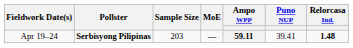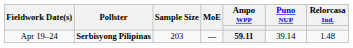 <table class="wikitable" style="text-align:center;font-size:85%;line-height:14px">
 <tr>
 <th rowspan="2">Fieldwork Date(s)</th>
 <th rowspan="2">Pollster</th>
 <th rowspan="2">Sample Size</th>
 <th rowspan="2">MoE</th>
 <th style="width:60px;">Ampo<br><small><a href='#'>WPP</a></small></th>
 <th style="width:60px;"><a href='#'>Puno</a><br><small><a href='#'>NUP</a></small></th>
 <th style="width:60px;">Relorcasa<br><small><a href='#'>Ind.</a></small></th>
 </tr>
 <tr>
 <th style="background:"></th>
 <th style="background:"></th>
 <th style="background:"></th>
 </tr>
 <tr>
 <td>Apr 19–24</td>
 <td><strong>Serbisyong Pilipinas</strong></td>
 <td>203</td>
 <td>—</td>
 <th style="background-color:#"><strong>59.11</strong></th>
-<td>39.41</td>
-<td><strong>1.48</strong></td>
+<td>39.14</td>
+<td>1.48</td>
 </tr>
 </table>
